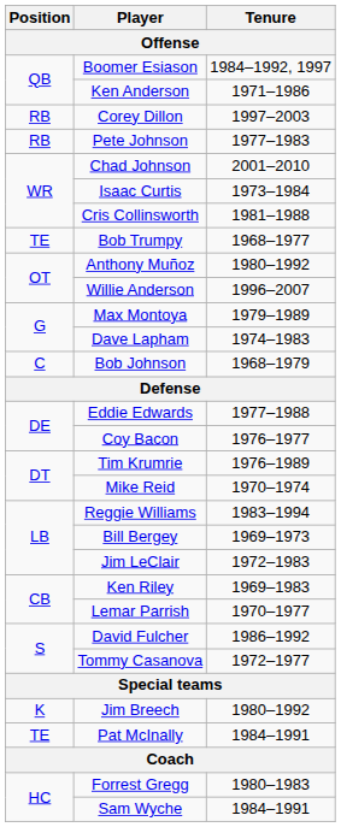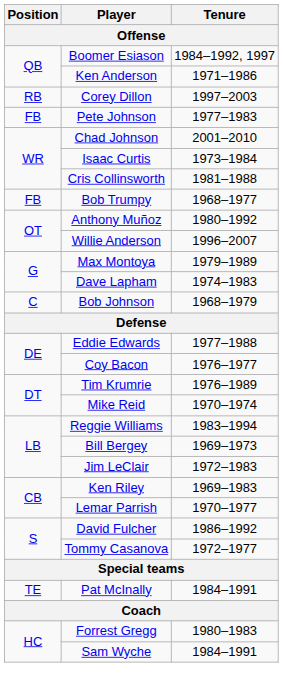 <table class="wikitable" style="text-align: center;">
 <tr>
 <th scope="col">Position</th>
 <th scope="col">Player</th>
 <th scope="col">Tenure</th>
 </tr>
 <tr>
 <th colspan="3">Offense</th>
 </tr>
 <tr>
 <td rowspan="2"><a href='#'>QB</a></td>
 <td><a href='#'>Boomer Esiason</a></td>
 <td>1984–1992, 1997</td>
 </tr>
 <tr>
 <td><a href='#'>Ken Anderson</a></td>
 <td>1971–1986</td>
 </tr>
 <tr>
 <td><a href='#'>RB</a></td>
 <td><a href='#'>Corey Dillon</a></td>
 <td>1997–2003</td>
 </tr>
 <tr>
-<td><a href='#'>RB</a></td>
+<td><a href='#'>FB</a></td>
 <td><a href='#'>Pete Johnson</a></td>
 <td>1977–1983</td>
 </tr>
 <tr>
 <td rowspan="3"><a href='#'>WR</a></td>
 <td><a href='#'>Chad Johnson</a></td>
 <td>2001–2010</td>
 </tr>
 <tr>
 <td><a href='#'>Isaac Curtis</a></td>
 <td>1973–1984</td>
 </tr>
 <tr>
 <td><a href='#'>Cris Collinsworth</a></td>
 <td>1981–1988</td>
 </tr>
 <tr>
-<td><a href='#'>TE</a></td>
+<td><a href='#'>FB</a></td>
 <td><a href='#'>Bob Trumpy</a></td>
 <td>1968–1977</td>
 </tr>
 <tr>
 <td rowspan="2"><a href='#'>OT</a></td>
 <td><a href='#'>Anthony Muñoz</a></td>
 <td>1980–1992</td>
 </tr>
 <tr>
 <td><a href='#'>Willie Anderson</a></td>
 <td>1996–2007</td>
 </tr>
 <tr>
 <td rowspan="2"><a href='#'>G</a></td>
 <td><a href='#'>Max Montoya</a></td>
 <td>1979–1989</td>
 </tr>
 <tr>
 <td><a href='#'>Dave Lapham</a></td>
 <td>1974–1983</td>
 </tr>
 <tr>
 <td><a href='#'>C</a></td>
 <td><a href='#'>Bob Johnson</a></td>
 <td>1968–1979</td>
 </tr>
 <tr>
 <th colspan="3">Defense</th>
 </tr>
 <tr>
 <td rowspan="2"><a href='#'>DE</a></td>
 <td><a href='#'>Eddie Edwards</a></td>
 <td>1977–1988</td>
 </tr>
 <tr>
 <td><a href='#'>Coy Bacon</a></td>
 <td>1976–1977</td>
 </tr>
 <tr>
 <td rowspan="2"><a href='#'>DT</a></td>
 <td><a href='#'>Tim Krumrie</a></td>
 <td>1976–1989</td>
 </tr>
 <tr>
 <td><a href='#'>Mike Reid</a></td>
 <td>1970–1974</td>
 </tr>
 <tr>
 <td rowspan="3"><a href='#'>LB</a></td>
 <td><a href='#'>Reggie Williams</a></td>
 <td>1983–1994</td>
 </tr>
 <tr>
 <td><a href='#'>Bill Bergey</a></td>
 <td>1969–1973</td>
 </tr>
 <tr>
 <td><a href='#'>Jim LeClair</a></td>
 <td>1972–1983</td>
 </tr>
 <tr>
 <td rowspan="2"><a href='#'>CB</a></td>
 <td><a href='#'>Ken Riley</a></td>
 <td>1969–1983</td>
 </tr>
 <tr>
 <td><a href='#'>Lemar Parrish</a></td>
 <td>1970–1977</td>
 </tr>
 <tr>
 <td rowspan="2"><a href='#'>S</a></td>
 <td><a href='#'>David Fulcher</a></td>
 <td>1986–1992</td>
 </tr>
 <tr>
 <td><a href='#'>Tommy Casanova</a></td>
 <td>1972–1977</td>
 </tr>
 <tr>
 <th colspan="3">Special teams</th>
 </tr>
 <tr>
-<td><a href='#'>K</a></td>
-<td><a href='#'>Jim Breech</a></td>
-<td>1980–1992</td>
-</tr>
-<tr>
 <td><a href='#'>TE</a></td>
 <td><a href='#'>Pat McInally</a></td>
 <td>1984–1991</td>
 </tr>
 <tr>
 <th colspan="3">Coach</th>
 </tr>
 <tr>
 <td rowspan="2"><a href='#'>HC</a></td>
 <td><a href='#'>Forrest Gregg</a></td>
 <td>1980–1983</td>
 </tr>
 <tr>
 <td><a href='#'>Sam Wyche</a></td>
 <td>1984–1991</td>
 </tr>
 </table>
